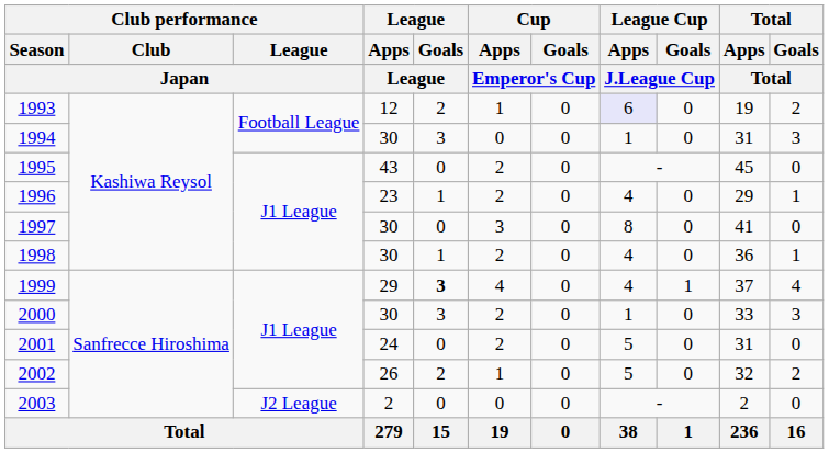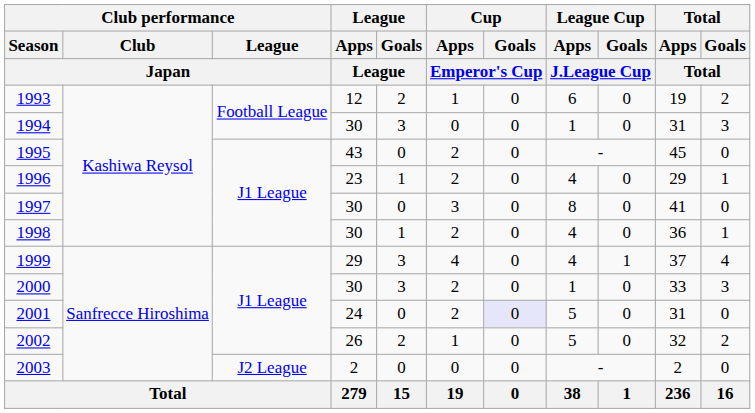 <table class="wikitable" style="text-align:center;">
 <tr>
 <th colspan=3>Club performance</th>
 <th colspan=2>League</th>
 <th colspan=2>Cup</th>
 <th colspan=2>League Cup</th>
 <th colspan=2>Total</th>
 </tr>
 <tr>
 <th>Season</th>
 <th>Club</th>
 <th>League</th>
 <th>Apps</th>
 <th>Goals</th>
 <th>Apps</th>
 <th>Goals</th>
 <th>Apps</th>
 <th>Goals</th>
 <th>Apps</th>
 <th>Goals</th>
 </tr>
 <tr>
 <th colspan=3>Japan</th>
 <th colspan=2>League</th>
 <th colspan=2><a href='#'>Emperor's Cup</a></th>
 <th colspan=2><a href='#'>J.League Cup</a></th>
 <th colspan=2>Total</th>
 </tr>
 <tr>
 <td><a href='#'>1993</a></td>
 <td rowspan="6"><a href='#'>Kashiwa Reysol</a></td>
 <td rowspan="2"><a href='#'>Football League</a></td>
 <td>12</td>
 <td>2</td>
 <td>1</td>
 <td>0</td>
-<td style="background: lavender;">6</td>
+<td>6</td>
 <td>0</td>
 <td>19</td>
 <td>2</td>
 </tr>
 <tr>
 <td><a href='#'>1994</a></td>
 <td>30</td>
 <td>3</td>
 <td>0</td>
 <td>0</td>
 <td>1</td>
 <td>0</td>
 <td>31</td>
 <td>3</td>
 </tr>
 <tr>
 <td><a href='#'>1995</a></td>
 <td rowspan="4"><a href='#'>J1 League</a></td>
 <td>43</td>
 <td>0</td>
 <td>2</td>
 <td>0</td>
 <td colspan="2">-</td>
 <td>45</td>
 <td>0</td>
 </tr>
 <tr>
 <td><a href='#'>1996</a></td>
 <td>23</td>
 <td>1</td>
 <td>2</td>
 <td>0</td>
 <td>4</td>
 <td>0</td>
 <td>29</td>
 <td>1</td>
 </tr>
 <tr>
 <td><a href='#'>1997</a></td>
 <td>30</td>
 <td>0</td>
 <td>3</td>
 <td>0</td>
 <td>8</td>
 <td>0</td>
 <td>41</td>
 <td>0</td>
 </tr>
 <tr>
 <td><a href='#'>1998</a></td>
 <td>30</td>
 <td>1</td>
 <td>2</td>
 <td>0</td>
 <td>4</td>
 <td>0</td>
 <td>36</td>
 <td>1</td>
 </tr>
 <tr>
 <td><a href='#'>1999</a></td>
 <td rowspan="5"><a href='#'>Sanfrecce Hiroshima</a></td>
 <td rowspan="4"><a href='#'>J1 League</a></td>
 <td>29</td>
-<td><strong>3</strong></td>
+<td>3</td>
 <td>4</td>
 <td>0</td>
 <td>4</td>
 <td>1</td>
 <td>37</td>
 <td>4</td>
 </tr>
 <tr>
 <td><a href='#'>2000</a></td>
 <td>30</td>
 <td>3</td>
 <td>2</td>
 <td>0</td>
 <td>1</td>
 <td>0</td>
 <td>33</td>
 <td>3</td>
 </tr>
 <tr>
 <td><a href='#'>2001</a></td>
 <td>24</td>
 <td>0</td>
 <td>2</td>
-<td>0</td>
+<td style="background: lavender;">0</td>
 <td>5</td>
 <td>0</td>
 <td>31</td>
 <td>0</td>
 </tr>
 <tr>
 <td><a href='#'>2002</a></td>
 <td>26</td>
 <td>2</td>
 <td>1</td>
 <td>0</td>
 <td>5</td>
 <td>0</td>
 <td>32</td>
 <td>2</td>
 </tr>
 <tr>
 <td><a href='#'>2003</a></td>
 <td><a href='#'>J2 League</a></td>
 <td>2</td>
 <td>0</td>
 <td>0</td>
 <td>0</td>
 <td colspan="2">-</td>
 <td>2</td>
 <td>0</td>
 </tr>
 <tr>
 <th colspan=3>Total</th>
 <th>279</th>
 <th>15</th>
 <th>19</th>
 <th>0</th>
 <th>38</th>
 <th>1</th>
 <th>236</th>
 <th>16</th>
 </tr>
 </table>
